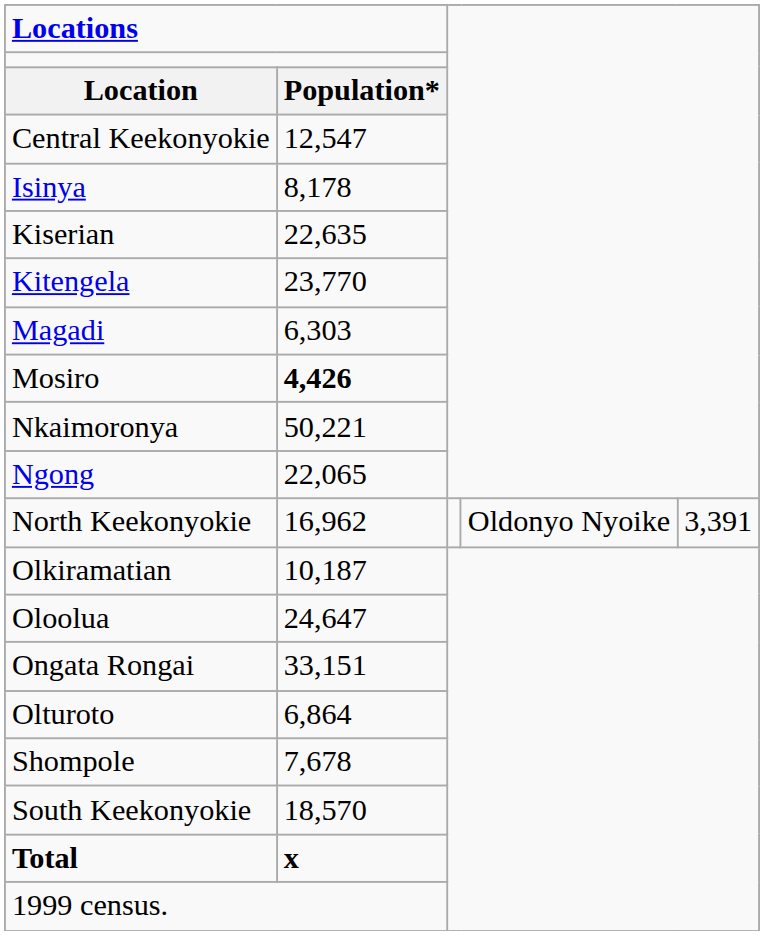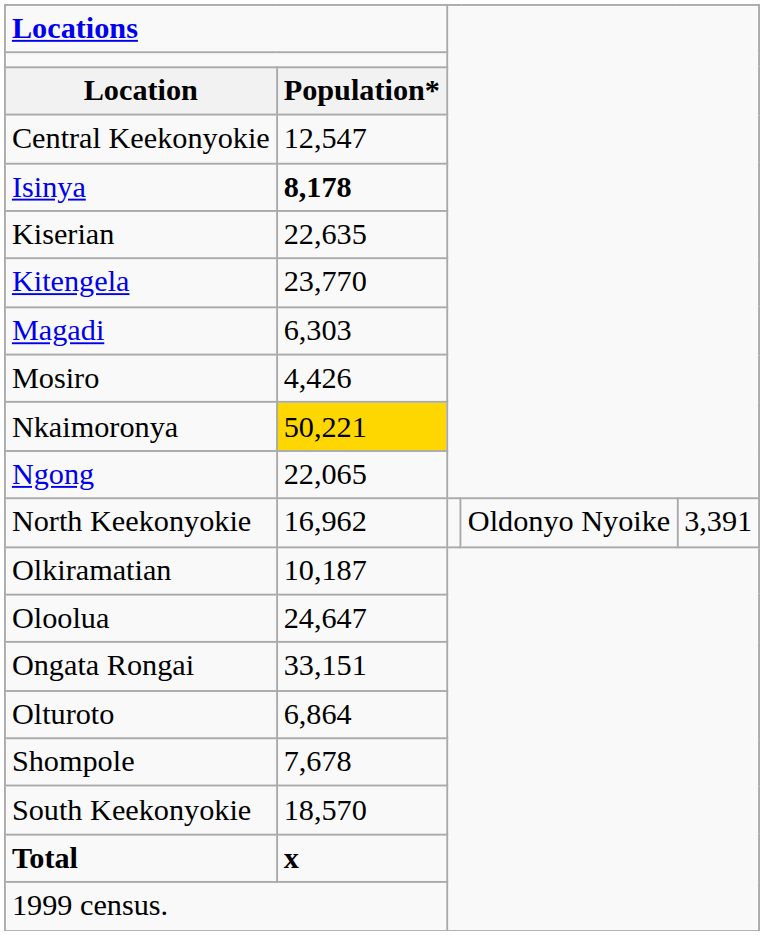 <table class="wikitable">
 <tr>
 <td colspan="2"><strong><a href='#'>Locations</a></strong></td>
 </tr>
 <tr>
 <td colspan="2"></td>
 </tr>
 <tr>
 <th>Location</th>
 <th>Population*</th>
 </tr>
 <tr>
 <td>Central Keekonyokie</td>
 <td>12,547</td>
 </tr>
 <tr>
 <td><a href='#'>Isinya</a></td>
-<td>8,178</td>
+<td><strong>8,178</strong></td>
 </tr>
 <tr>
 <td>Kiserian</td>
 <td>22,635</td>
 </tr>
 <tr>
 <td><a href='#'>Kitengela</a></td>
 <td>23,770</td>
 </tr>
 <tr>
 <td><a href='#'>Magadi</a></td>
 <td>6,303</td>
 </tr>
 <tr>
 <td>Mosiro</td>
-<td><strong>4,426</strong></td>
+<td>4,426</td>
 </tr>
 <tr>
 <td>Nkaimoronya</td>
-<td>50,221</td>
+<td style="background: gold;">50,221</td>
 </tr>
 <tr>
 <td><a href='#'>Ngong</a></td>
 <td>22,065</td>
 </tr>
 <tr>
 <td>North Keekonyokie</td>
 <td>16,962</td>
 <td></td>
 <td>Oldonyo Nyoike</td>
 <td>3,391</td>
 </tr>
 <tr>
 <td>Olkiramatian</td>
 <td>10,187</td>
 </tr>
 <tr>
 <td>Oloolua</td>
 <td>24,647</td>
 </tr>
 <tr>
 <td>Ongata Rongai</td>
 <td>33,151</td>
 </tr>
 <tr>
 <td>Olturoto</td>
 <td>6,864</td>
 </tr>
 <tr>
 <td>Shompole</td>
 <td>7,678</td>
 </tr>
 <tr>
 <td>South Keekonyokie</td>
 <td>18,570</td>
 </tr>
 <tr>
 <td><strong>Total</strong></td>
 <td><strong>x</strong></td>
 </tr>
 <tr>
 <td colspan="2">1999 census.</td>
 </tr>
 </table>
